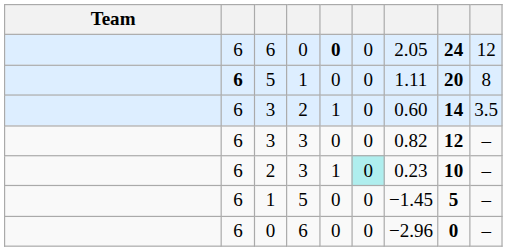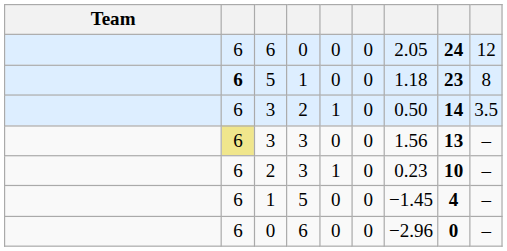 <table class="wikitable" style="text-align:center">
 <tr>
 <th width=175>Team</th>
 <th width=20></th>
 <th width=20></th>
 <th width=20></th>
 <th width=20></th>
 <th width=20></th>
 <th width=20></th>
 <th width=20></th>
 <th width=20></th>
 </tr>
 <tr bgcolor="#ddeeff">
 <td align="left"></td>
 <td>6</td>
 <td>6</td>
 <td>0</td>
-<td><strong>0</strong></td>
+<td>0</td>
 <td>0</td>
 <td>2.05</td>
 <td><strong>24</strong></td>
 <td>12</td>
 </tr>
 <tr bgcolor="#ddeeff">
 <td align="left"></td>
 <td><strong>6</strong></td>
 <td>5</td>
 <td>1</td>
 <td>0</td>
 <td>0</td>
-<td>1.11</td>
-<td><strong>20</strong></td>
+<td>1.18</td>
+<td><strong>23</strong></td>
 <td>8</td>
 </tr>
 <tr bgcolor="#ddeeff">
 <td align="left"></td>
 <td>6</td>
 <td>3</td>
 <td>2</td>
 <td>1</td>
 <td>0</td>
-<td>0.60</td>
+<td>0.50</td>
 <td><strong>14</strong></td>
 <td>3.5</td>
 </tr>
 <tr>
 <td align="left"></td>
-<td>6</td>
+<td style="background: khaki;">6</td>
 <td>3</td>
 <td>3</td>
 <td>0</td>
 <td>0</td>
-<td>0.82</td>
-<td><strong>12</strong></td>
+<td>1.56</td>
+<td><strong>13</strong></td>
 <td>–</td>
 </tr>
 <tr>
 <td align="left"></td>
 <td>6</td>
 <td>2</td>
 <td>3</td>
 <td>1</td>
-<td style="background: paleturquoise;">0</td>
+<td>0</td>
 <td>0.23</td>
 <td><strong>10</strong></td>
 <td>–</td>
 </tr>
 <tr>
 <td align="left"></td>
 <td>6</td>
 <td>1</td>
 <td>5</td>
 <td>0</td>
 <td>0</td>
 <td>−1.45</td>
-<td><strong>5</strong></td>
+<td><strong>4</strong></td>
 <td>–</td>
 </tr>
 <tr>
 <td align="left"></td>
 <td>6</td>
 <td>0</td>
 <td>6</td>
 <td>0</td>
 <td>0</td>
 <td>−2.96</td>
 <td><strong>0</strong></td>
 <td>–</td>
 </tr>
 </table>
